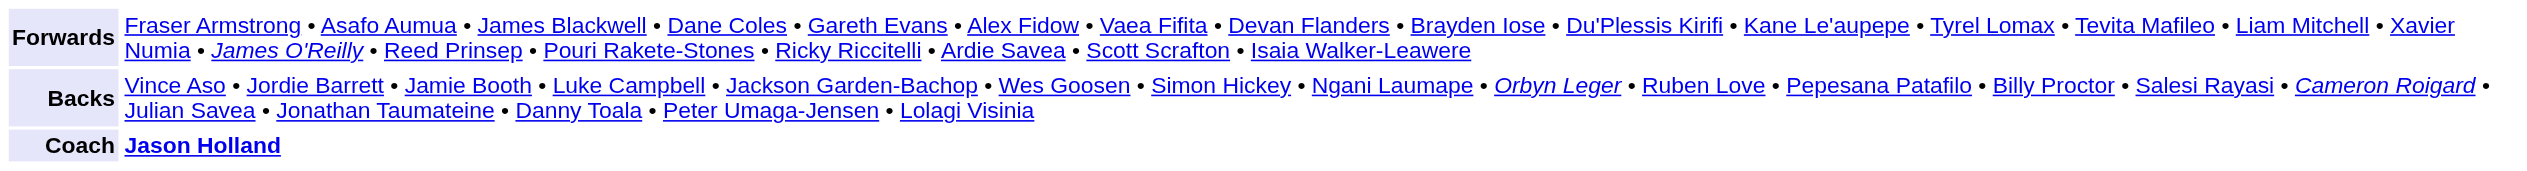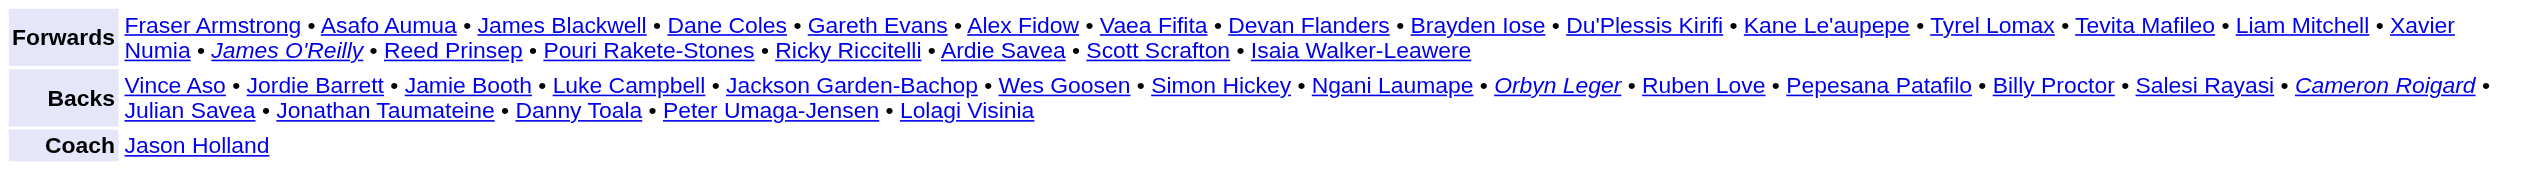 <table cellpadding="2" style="border: 1px solid white; font-size:90%;">
 <tr>
 <td style="text-align:right;" bgcolor="lavender"><strong>Forwards</strong></td>
 <td style="text-align:left;"><a href='#'>Fraser Armstrong</a> • <a href='#'>Asafo Aumua</a> • <a href='#'>James Blackwell</a> • <a href='#'>Dane Coles</a> • <a href='#'>Gareth Evans</a> • <a href='#'>Alex Fidow</a> • <a href='#'>Vaea Fifita</a> • <a href='#'>Devan Flanders</a> • <a href='#'>Brayden Iose</a> • <a href='#'>Du'Plessis Kirifi</a> • <a href='#'>Kane Le'aupepe</a> • <a href='#'>Tyrel Lomax</a> • <a href='#'>Tevita Mafileo</a> • <a href='#'>Liam Mitchell</a> • <a href='#'>Xavier Numia</a> • <em><a href='#'>James O'Reilly</a></em> • <a href='#'>Reed Prinsep</a> • <a href='#'>Pouri Rakete-Stones</a> • <a href='#'>Ricky Riccitelli</a> • <a href='#'>Ardie Savea</a> • <a href='#'>Scott Scrafton</a> • <a href='#'>Isaia Walker-Leawere</a></td>
 </tr>
 <tr>
 <td style="text-align:right;" bgcolor="lavender"><strong>Backs</strong></td>
 <td style="text-align:left;"><a href='#'>Vince Aso</a> • <a href='#'>Jordie Barrett</a> • <a href='#'>Jamie Booth</a> • <a href='#'>Luke Campbell</a> • <a href='#'>Jackson Garden-Bachop</a> • <a href='#'>Wes Goosen</a> • <a href='#'>Simon Hickey</a> • <a href='#'>Ngani Laumape</a> • <em><a href='#'>Orbyn Leger</a></em> • <a href='#'>Ruben Love</a> • <a href='#'>Pepesana Patafilo</a> • <a href='#'>Billy Proctor</a> • <a href='#'>Salesi Rayasi</a> • <em><a href='#'>Cameron Roigard</a></em> • <a href='#'>Julian Savea</a> • <a href='#'>Jonathan Taumateine</a> • <a href='#'>Danny Toala</a> • <a href='#'>Peter Umaga-Jensen</a> • <a href='#'>Lolagi Visinia</a></td>
 </tr>
 <tr>
 <td style="text-align:right;" bgcolor="lavender"><strong>Coach</strong></td>
-<td style="text-align:left;"><strong><a href='#'>Jason Holland</a></strong></td>
+<td style="text-align:left;"><a href='#'>Jason Holland</a></td>
 </tr>
 </table>
